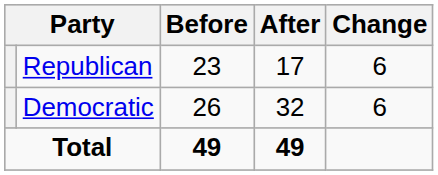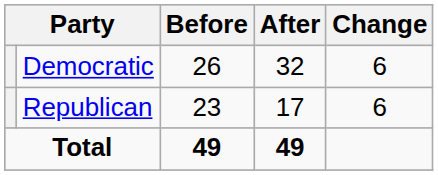 <table class="wikitable" style="text-align:center;">
 <tr>
 <th colspan="2">Party</th>
 <th>Before</th>
 <th>After</th>
 <th>Change</th>
 </tr>
 <tr>
 <th style="background-color:"></th>
-<td style="text-align:left;"><a href='#'>Republican</a></td>
-<td>23</td>
-<td>17</td>
+<td style="text-align:left;"><a href='#'>Democratic</a></td>
+<td>26</td>
+<td>32</td>
 <td> 6</td>
 </tr>
 <tr>
 <th style="background-color:"></th>
-<td style="text-align:left;"><a href='#'>Democratic</a></td>
-<td>26</td>
-<td>32</td>
+<td style="text-align:left;"><a href='#'>Republican</a></td>
+<td>23</td>
+<td>17</td>
 <td> 6</td>
 </tr>
 <tr>
 <td colspan="2"><strong>Total</strong></td>
 <td><strong>49</strong></td>
 <td><strong>49</strong></td>
 <td></td>
 </tr>
 </table>
